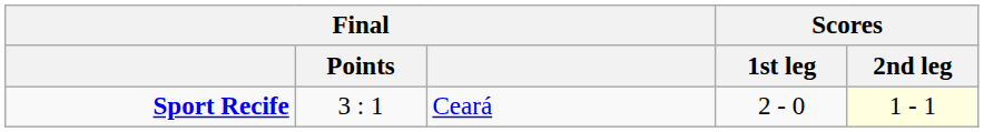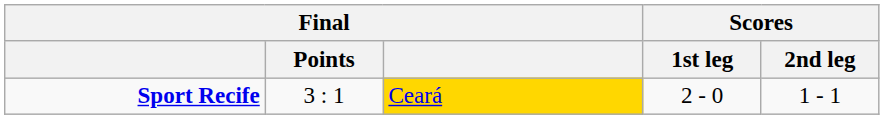 <table class="wikitable" style="text-align:center;">
 <tr>
 <th colspan=3>Final</th>
 <th colspan=3>Scores</th>
 </tr>
 <tr>
 <th width="175"></th>
 <th width="75">Points</th>
 <th width="175"></th>
 <th width="75">1st leg</th>
 <th width="75">2nd leg</th>
 </tr>
 <tr>
 <td align=right><strong><a href='#'>Sport Recife</a></strong></td>
 <td>3 : 1</td>
-<td align=left><a href='#'>Ceará</a></td>
+<td align=left style="background: gold;"><a href='#'>Ceará</a></td>
 <td>2 - 0</td>
-<td style="background: lightyellow;">1 - 1</td>
+<td>1 - 1</td>
 </tr>
 </table>
